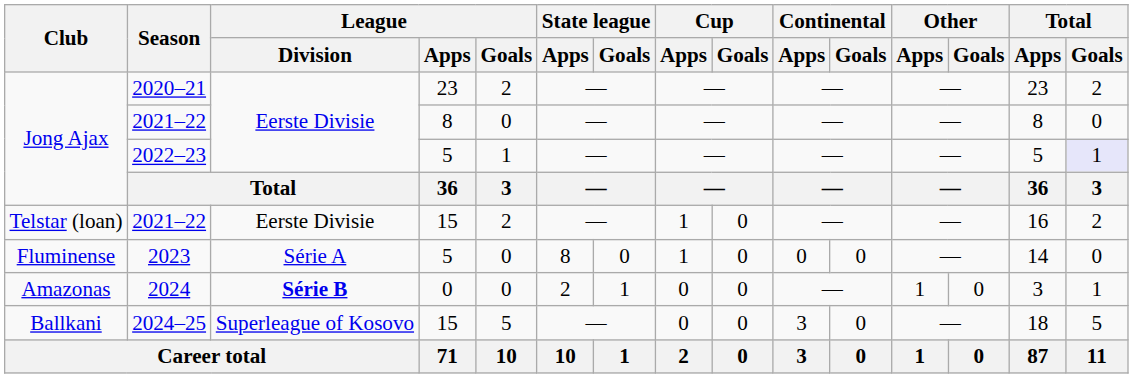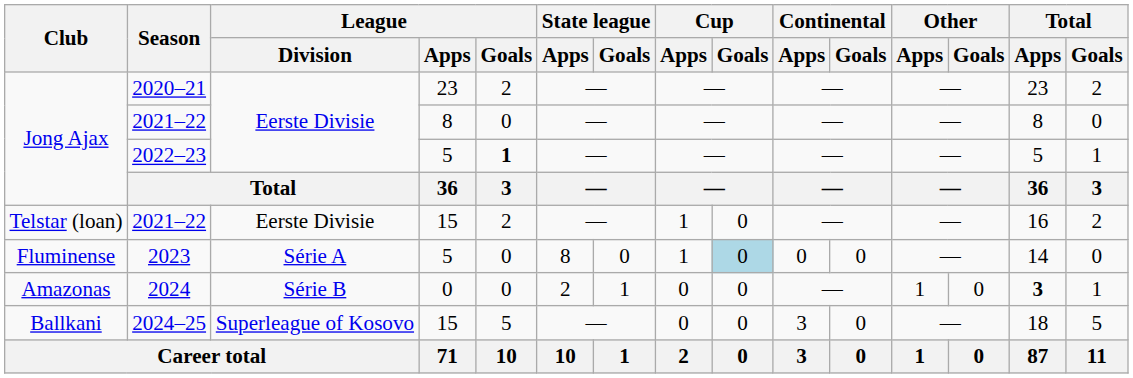 <table class="wikitable" style="text-align: center">
 <tr>
 <th rowspan="2">Club</th>
 <th rowspan="2">Season</th>
 <th colspan="3">League</th>
 <th colspan="2">State league</th>
 <th colspan="2">Cup</th>
 <th colspan="2">Continental</th>
 <th colspan="2">Other</th>
 <th colspan="2">Total</th>
 </tr>
 <tr>
 <th>Division</th>
 <th>Apps</th>
 <th>Goals</th>
 <th>Apps</th>
 <th>Goals</th>
 <th>Apps</th>
 <th>Goals</th>
 <th>Apps</th>
 <th>Goals</th>
 <th>Apps</th>
 <th>Goals</th>
 <th>Apps</th>
 <th>Goals</th>
 </tr>
 <tr>
 <td rowspan="4"><a href='#'>Jong Ajax</a></td>
 <td><a href='#'>2020–21</a></td>
 <td rowspan="3"><a href='#'>Eerste Divisie</a></td>
 <td>23</td>
 <td>2</td>
 <td colspan="2">—</td>
 <td colspan="2">—</td>
 <td colspan="2">—</td>
 <td colspan="2">—</td>
 <td>23</td>
 <td>2</td>
 </tr>
 <tr>
 <td><a href='#'>2021–22</a></td>
 <td>8</td>
 <td>0</td>
 <td colspan="2">—</td>
 <td colspan="2">—</td>
 <td colspan="2">—</td>
 <td colspan="2">—</td>
 <td>8</td>
 <td>0</td>
 </tr>
 <tr>
 <td><a href='#'>2022–23</a></td>
 <td>5</td>
-<td>1</td>
+<td><strong>1</strong></td>
 <td colspan="2">—</td>
 <td colspan="2">—</td>
 <td colspan="2">—</td>
 <td colspan="2">—</td>
 <td>5</td>
-<td style="background: lavender;">1</td>
+<td>1</td>
 </tr>
 <tr>
 <th colspan="2">Total</th>
 <th>36</th>
 <th>3</th>
 <th colspan="2">—</th>
 <th colspan="2">—</th>
 <th colspan="2">—</th>
 <th colspan="2">—</th>
 <th>36</th>
 <th>3</th>
 </tr>
 <tr>
 <td><a href='#'>Telstar</a> (loan)</td>
 <td><a href='#'>2021–22</a></td>
 <td>Eerste Divisie</td>
 <td>15</td>
 <td>2</td>
 <td colspan="2">—</td>
 <td>1</td>
 <td>0</td>
 <td colspan="2">—</td>
 <td colspan="2">—</td>
 <td>16</td>
 <td>2</td>
 </tr>
 <tr>
 <td><a href='#'>Fluminense</a></td>
 <td><a href='#'>2023</a></td>
 <td><a href='#'>Série A</a></td>
 <td>5</td>
 <td>0</td>
 <td>8</td>
 <td>0</td>
 <td>1</td>
-<td>0</td>
+<td style="background: lightblue;">0</td>
 <td>0</td>
 <td>0</td>
 <td colspan="2">—</td>
 <td>14</td>
 <td>0</td>
 </tr>
 <tr>
 <td><a href='#'>Amazonas</a></td>
 <td><a href='#'>2024</a></td>
-<td><strong><a href='#'>Série B</a></strong></td>
+<td><a href='#'>Série B</a></td>
 <td>0</td>
 <td>0</td>
 <td>2</td>
 <td>1</td>
 <td>0</td>
 <td>0</td>
 <td colspan="2">—</td>
 <td>1</td>
 <td>0</td>
-<td>3</td>
+<td><strong>3</strong></td>
 <td>1</td>
 </tr>
 <tr>
 <td><a href='#'>Ballkani</a></td>
 <td><a href='#'>2024–25</a></td>
 <td><a href='#'>Superleague of Kosovo</a></td>
 <td>15</td>
 <td>5</td>
 <td colspan="2">—</td>
 <td>0</td>
 <td>0</td>
 <td>3</td>
 <td>0</td>
 <td colspan="2">—</td>
 <td>18</td>
 <td>5</td>
 </tr>
 <tr>
 <th colspan="3"><strong>Career total</strong></th>
 <th>71</th>
 <th>10</th>
 <th>10</th>
 <th>1</th>
 <th>2</th>
 <th>0</th>
 <th>3</th>
 <th>0</th>
 <th>1</th>
 <th>0</th>
 <th>87</th>
 <th>11</th>
 </tr>
 </table>
